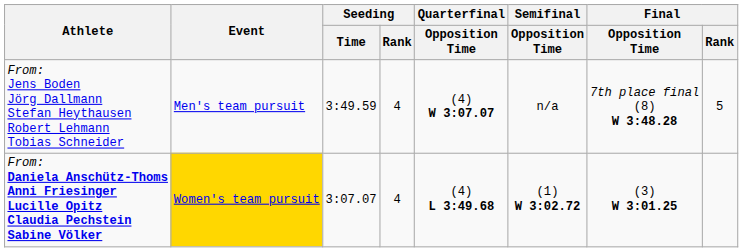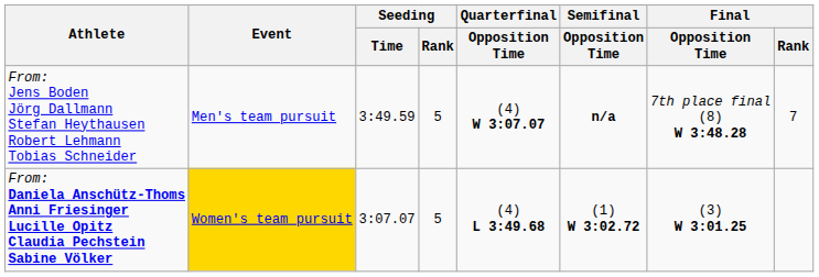 <table class="wikitable" style="font-size:90%">
 <tr>
 <th rowspan="2">Athlete</th>
 <th rowspan="2">Event</th>
 <th colspan="2">Seeding</th>
 <th>Quarterfinal</th>
 <th>Semifinal</th>
 <th colspan="2">Final</th>
 </tr>
 <tr>
 <th>Time</th>
 <th>Rank</th>
 <th>Opposition <br> Time</th>
 <th>Opposition <br> Time</th>
 <th>Opposition <br> Time</th>
 <th>Rank</th>
 </tr>
 <tr>
 <td><em>From:</em> <br> <a href='#'>Jens Boden</a><br><a href='#'>Jörg Dallmann</a><br><a href='#'>Stefan Heythausen</a><br><a href='#'>Robert Lehmann</a><br><a href='#'>Tobias Schneider</a></td>
 <td><a href='#'>Men's team pursuit</a></td>
 <td align="center">3:49.59</td>
-<td align="center">4</td>
+<td align="center">5</td>
 <td align="center"> (4)<br><strong>W</strong> <strong>3:07.07</strong></td>
-<td align="center">n/a</td>
+<td align="center"><strong>n/a</strong></td>
 <td align="center"><em>7th place final</em> <br> (8)<br><strong>W</strong> <strong>3:48.28</strong></td>
-<td align="center">5</td>
+<td align="center">7</td>
 </tr>
 <tr>
 <td><em>From:</em> <br> <strong><a href='#'>Daniela Anschütz-Thoms</a><br><a href='#'>Anni Friesinger</a><br><a href='#'>Lucille Opitz</a><br><a href='#'>Claudia Pechstein</a><br><a href='#'>Sabine Völker</a></strong></td>
 <td style="background: gold;"><a href='#'>Women's team pursuit</a></td>
 <td align="center">3:07.07</td>
-<td align="center">4</td>
+<td align="center">5</td>
 <td align="center"> (4)<br><strong>L</strong> <strong>3:49.68</strong></td>
 <td align="center"> (1)<br><strong>W</strong> <strong>3:02.72</strong></td>
 <td align="center"> (3)<br><strong>W</strong> <strong>3:01.25</strong></td>
 <td align="center"></td>
 </tr>
 </table>
